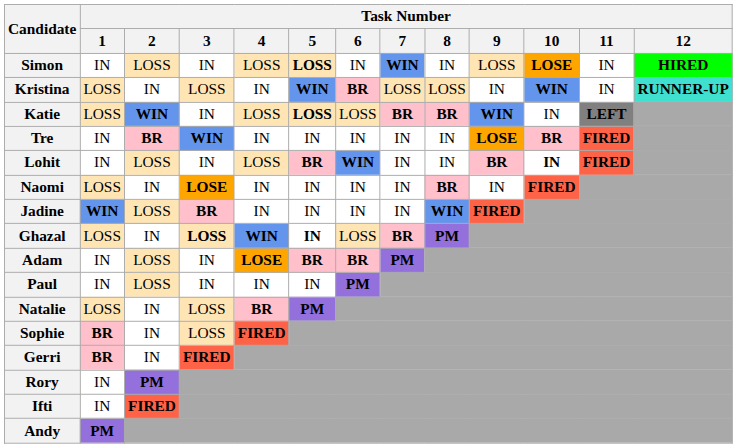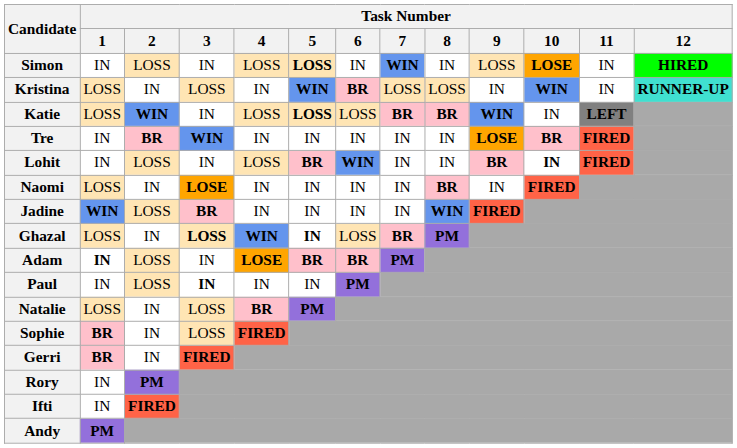 <table class="wikitable" style="text-align:center">
 <tr>
 <th rowspan="2">Candidate</th>
 <th colspan="13">Task Number</th>
 </tr>
 <tr>
 <th>1</th>
 <th>2</th>
 <th>3</th>
 <th>4</th>
 <th>5</th>
 <th>6</th>
 <th>7</th>
 <th>8</th>
 <th>9</th>
 <th>10</th>
 <th>11</th>
 <th>12</th>
 </tr>
 <tr>
 <th>Simon</th>
 <td style="background:white;">IN</td>
 <td style="background:#FFE5B4;">LOSS</td>
 <td style="background:white;">IN</td>
 <td style="background:#FFE5B4;">LOSS</td>
 <td style="background:#FFE5B4;"><strong>LOSS</strong></td>
 <td style="background:white;">IN</td>
 <td style="background:cornflowerblue;"><strong>WIN</strong></td>
 <td style="background:white;">IN</td>
 <td style="background:#FFE5B4;">LOSS</td>
 <td style="background:orange;"><strong>LOSE</strong></td>
 <td style="background:white;">IN</td>
 <td style="background:lime;"><strong>HIRED</strong></td>
 </tr>
 <tr>
 <th>Kristina</th>
 <td style="background:#FFE5B4;">LOSS</td>
 <td style="background:white;">IN</td>
 <td style="background:#FFE5B4;">LOSS</td>
 <td style="background:white;">IN</td>
 <td style="background:cornflowerblue;"><strong>WIN</strong></td>
 <td style="background:pink;"><strong>BR</strong></td>
 <td style="background:#FFE5B4;">LOSS</td>
 <td style="background:#FFE5B4;">LOSS</td>
 <td style="background:white;">IN</td>
 <td style="background:cornflowerblue;"><strong>WIN</strong></td>
 <td style="background:white;">IN</td>
 <td style="background:turquoise;"><strong>RUNNER-UP</strong></td>
 </tr>
 <tr>
 <th>Katie</th>
 <td style="background:#FFE5B4;">LOSS</td>
 <td style="background:cornflowerblue;"><strong>WIN</strong></td>
 <td style="background:white;">IN</td>
 <td style="background:#FFE5B4;">LOSS</td>
 <td style="background:#FFE5B4;"><strong>LOSS</strong></td>
 <td style="background:#FFE5B4;">LOSS</td>
 <td style="background:pink;"><strong>BR</strong></td>
 <td style="background:pink;"><strong>BR</strong></td>
 <td style="background:cornflowerblue;"><strong>WIN</strong></td>
 <td style="background:white;">IN</td>
 <td style="background:grey;"><strong>LEFT</strong></td>
 <td colspan="1" style="background:darkgrey;"></td>
 </tr>
 <tr>
 <th>Tre</th>
 <td style="background:white;">IN</td>
 <td style="background:pink;"><strong>BR</strong></td>
 <td style="background:cornflowerblue;"><strong>WIN</strong></td>
 <td style="background:white;">IN</td>
 <td style="background:white;">IN</td>
 <td style="background:white;">IN</td>
 <td style="background:white;">IN</td>
 <td style="background:white;">IN</td>
 <td style="background:orange;"><strong>LOSE</strong></td>
 <td style="background:pink;"><strong>BR</strong></td>
 <td style="background:tomato;"><strong>FIRED</strong></td>
 <td colspan="1" style="background:darkgrey;"></td>
 </tr>
 <tr>
 <th>Lohit</th>
 <td style="background:white;">IN</td>
 <td style="background:#FFE5B4;">LOSS</td>
 <td style="background:white;">IN</td>
 <td style="background:#FFE5B4;">LOSS</td>
 <td style="background:pink;"><strong>BR</strong></td>
 <td style="background:cornflowerblue;"><strong>WIN</strong></td>
 <td style="background:white;">IN</td>
 <td style="background:white;">IN</td>
 <td style="background:pink;"><strong>BR</strong></td>
 <td style="background:white;"><strong>IN</strong></td>
 <td style="background:tomato;"><strong>FIRED</strong></td>
 <td colspan="1" style="background:darkgrey;"></td>
 </tr>
 <tr>
 <th>Naomi</th>
 <td style="background:#FFE5B4;">LOSS</td>
 <td style="background:white;">IN</td>
 <td style="background:orange;"><strong>LOSE</strong></td>
 <td style="background:white;">IN</td>
 <td style="background:white;">IN</td>
 <td style="background:white;">IN</td>
 <td style="background:white;">IN</td>
 <td style="background:pink;"><strong>BR</strong></td>
 <td style="background:white;">IN</td>
 <td style="background:tomato;"><strong>FIRED</strong></td>
 <td colspan="2" style="background:darkgrey;"></td>
 </tr>
 <tr>
 <th>Jadine</th>
 <td style="background:cornflowerblue;"><strong>WIN</strong></td>
 <td style="background:#FFE5B4;">LOSS</td>
 <td style="background:pink;"><strong>BR</strong></td>
 <td style="background:white;">IN</td>
 <td style="background:white;">IN</td>
 <td style="background:white;">IN</td>
 <td style="background:white;">IN</td>
 <td style="background:cornflowerblue;"><strong>WIN</strong></td>
 <td style="background:tomato;"><strong>FIRED</strong></td>
 <td colspan="3" style="background:darkgrey;"></td>
 </tr>
 <tr>
 <th>Ghazal</th>
 <td style="background:#FFE5B4;">LOSS</td>
 <td style="background:white;">IN</td>
 <td style="background:#FFE5B4;"><strong>LOSS</strong></td>
 <td style="background:cornflowerblue;"><strong>WIN</strong></td>
 <td style="background:white;"><strong>IN</strong></td>
 <td style="background:#FFE5B4;">LOSS</td>
 <td style="background:pink;"><strong>BR</strong></td>
 <td style="background:#9370DB;"><strong>PM</strong></td>
 <td colspan="4" style="background:darkgrey;"></td>
 </tr>
 <tr>
 <th>Adam</th>
-<td style="background:white;">IN</td>
+<td style="background:white;"><strong>IN</strong></td>
 <td style="background:#FFE5B4;">LOSS</td>
 <td style="background:white;">IN</td>
 <td style="background:orange;"><strong>LOSE</strong></td>
 <td style="background:pink;"><strong>BR</strong></td>
 <td style="background:pink;"><strong>BR</strong></td>
 <td style="background:#9370DB;"><strong>PM</strong></td>
 <td colspan="5" style="background:darkgrey;"></td>
 </tr>
 <tr>
 <th>Paul</th>
 <td style="background:white;">IN</td>
 <td style="background:#FFE5B4;">LOSS</td>
-<td style="background:white;">IN</td>
+<td style="background:white;"><strong>IN</strong></td>
 <td style="background:white;">IN</td>
 <td style="background:white;">IN</td>
 <td style="background:#9370DB;"><strong>PM</strong></td>
 <td colspan="6" style="background:darkgrey;"></td>
 </tr>
 <tr>
 <th>Natalie</th>
 <td style="background:#FFE5B4;">LOSS</td>
 <td style="background:white;">IN</td>
 <td style="background:#FFE5B4;">LOSS</td>
 <td style="background:pink;"><strong>BR</strong></td>
 <td style="background:#9370DB;"><strong>PM</strong></td>
 <td colspan="7" style="background:darkgrey;"></td>
 </tr>
 <tr>
 <th>Sophie</th>
 <td style="background:pink;"><strong>BR</strong></td>
 <td style="background:white;">IN</td>
 <td style="background:#FFE5B4;">LOSS</td>
 <td style="background:tomato;"><strong>FIRED</strong></td>
 <td colspan="8" style="background:darkgrey;"></td>
 </tr>
 <tr>
 <th>Gerri</th>
 <td style="background:pink;"><strong>BR</strong></td>
 <td style="background:white;">IN</td>
 <td style="background:tomato;"><strong>FIRED</strong></td>
 <td colspan="9" style="background:darkgrey;"></td>
 </tr>
 <tr>
 <th>Rory</th>
 <td style="background:white;">IN</td>
 <td style="background:#9370DB;"><strong>PM</strong></td>
 <td colspan="10" style="background:darkgrey;"></td>
 </tr>
 <tr>
 <th>Ifti</th>
 <td style="background:white;">IN</td>
 <td style="background:tomato;"><strong>FIRED</strong></td>
 <td colspan="10" style="background:darkgrey;"></td>
 </tr>
 <tr>
 <th>Andy</th>
 <td style="background:#9370DB;"><strong>PM</strong></td>
 <td colspan="11" style="background:darkgrey;"></td>
 </tr>
 </table>
